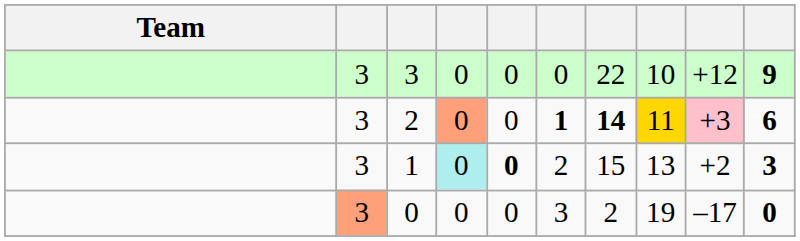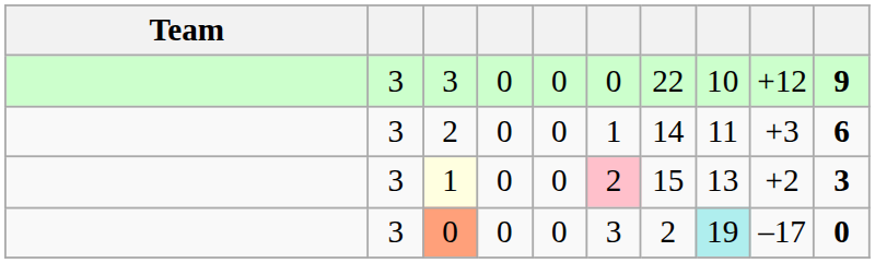 <table class="wikitable" style="text-align: center;">
 <tr>
 <th style="width:175px;">Team</th>
 <th width="20"></th>
 <th width="20"></th>
 <th width="20"></th>
 <th width="20"></th>
 <th width="20"></th>
 <th width="20"></th>
 <th width="20"></th>
 <th width="20"></th>
 <th width="20"></th>
 </tr>
 <tr style="background:#cfc;">
 <td align=left></td>
 <td>3</td>
 <td>3</td>
 <td>0</td>
 <td>0</td>
 <td>0</td>
 <td>22</td>
 <td>10</td>
 <td>+12</td>
 <td><strong>9</strong></td>
 </tr>
 <tr>
 <td align=left></td>
 <td>3</td>
 <td>2</td>
-<td style="background: lightsalmon;">0</td>
 <td>0</td>
-<td><strong>1</strong></td>
-<td><strong>14</strong></td>
-<td style="background: gold;">11</td>
-<td style="background: pink;">+3</td>
+<td>0</td>
+<td>1</td>
+<td>14</td>
+<td>11</td>
+<td>+3</td>
 <td><strong>6</strong></td>
 </tr>
 <tr>
 <td align=left></td>
 <td>3</td>
-<td>1</td>
-<td style="background: paleturquoise;">0</td>
-<td><strong>0</strong></td>
-<td>2</td>
+<td style="background: lightyellow;">1</td>
+<td>0</td>
+<td>0</td>
+<td style="background: pink;">2</td>
 <td>15</td>
 <td>13</td>
 <td>+2</td>
 <td><strong>3</strong></td>
 </tr>
 <tr>
 <td align=left></td>
-<td style="background: lightsalmon;">3</td>
-<td>0</td>
+<td>3</td>
+<td style="background: lightsalmon;">0</td>
 <td>0</td>
 <td>0</td>
 <td>3</td>
 <td>2</td>
-<td>19</td>
+<td style="background: paleturquoise;">19</td>
 <td>–17</td>
 <td><strong>0</strong></td>
 </tr>
 </table>
